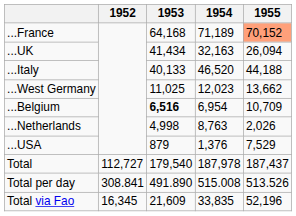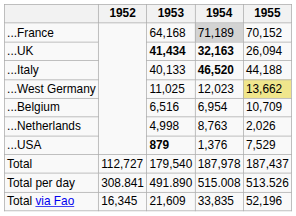 <table class="wikitable defaultright col1left">
 <tr>
 <th></th>
 <th>1952</th>
 <th>1953</th>
 <th>1954</th>
 <th>1955</th>
 </tr>
 <tr>
 <td>...France</td>
 <td rowspan=7></td>
 <td>64,168</td>
-<td>71,189</td>
-<td style="background: lightsalmon;">70,152</td>
+<td style="background: lightgrey;">71,189</td>
+<td>70,152</td>
 </tr>
 <tr>
 <td>...UK</td>
-<td>41,434</td>
-<td>32,163</td>
+<td><strong>41,434</strong></td>
+<td><strong>32,163</strong></td>
 <td>26,094</td>
 </tr>
 <tr>
 <td>...Italy</td>
 <td>40,133</td>
-<td>46,520</td>
+<td><strong>46,520</strong></td>
 <td>44,188</td>
 </tr>
 <tr>
 <td>...West Germany</td>
 <td>11,025</td>
 <td>12,023</td>
-<td>13,662</td>
+<td style="background: khaki;">13,662</td>
 </tr>
 <tr>
 <td>...Belgium</td>
-<td><strong>6,516</strong></td>
+<td>6,516</td>
 <td>6,954</td>
 <td>10,709</td>
 </tr>
 <tr>
 <td>...Netherlands</td>
 <td>4,998</td>
 <td>8,763</td>
 <td>2,026</td>
 </tr>
 <tr>
 <td>...USA</td>
-<td>879</td>
+<td><strong>879</strong></td>
 <td>1,376</td>
 <td>7,529</td>
 </tr>
 <tr>
 <td>Total</td>
 <td>112,727</td>
 <td>179,540</td>
 <td>187,978</td>
 <td>187,437</td>
 </tr>
 <tr>
 <td>Total per day</td>
 <td>308.841</td>
 <td>491.890</td>
 <td>515.008</td>
 <td>513.526</td>
 </tr>
 <tr>
 <td>Total <a href='#'>via Fao</a></td>
 <td>16,345</td>
 <td>21,609</td>
 <td>33,835</td>
 <td>52,196</td>
 </tr>
 </table>
